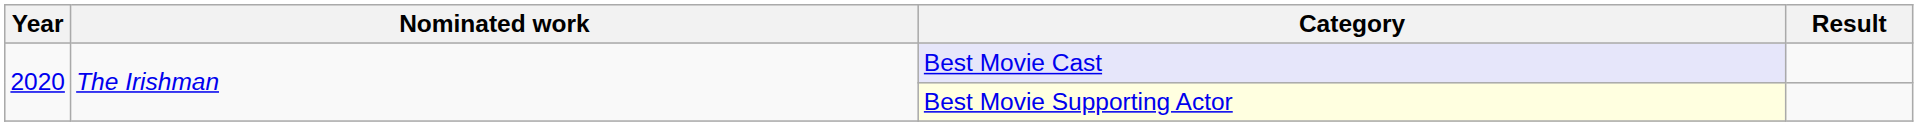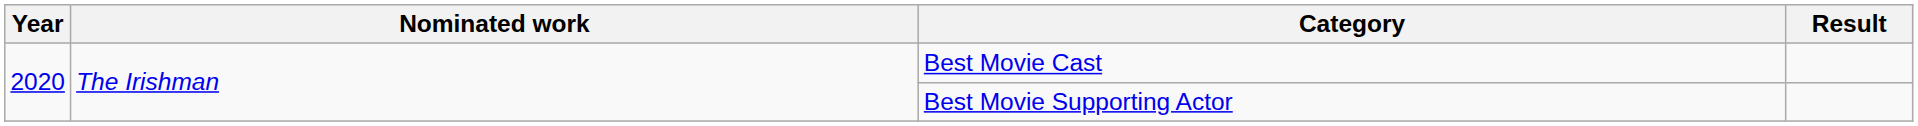 <table class="wikitable sortable">
 <tr>
 <th scope="col" style="width:1em;">Year</th>
 <th scope="col" style="width:39em;">Nominated work</th>
 <th scope="col" style="width:40em;">Category</th>
 <th scope="col" style="width:5em;">Result</th>
 </tr>
 <tr>
 <td rowspan=2><a href='#'>2020</a></td>
 <td rowspan=2><em><a href='#'>The Irishman</a></em></td>
-<td style="background: lavender;"><a href='#'>Best Movie Cast</a></td>
+<td><a href='#'>Best Movie Cast</a></td>
 <td></td>
 </tr>
 <tr>
-<td style="background: lightyellow;"><a href='#'>Best Movie Supporting Actor</a></td>
+<td><a href='#'>Best Movie Supporting Actor</a></td>
 <td></td>
 </tr>
 </table>
